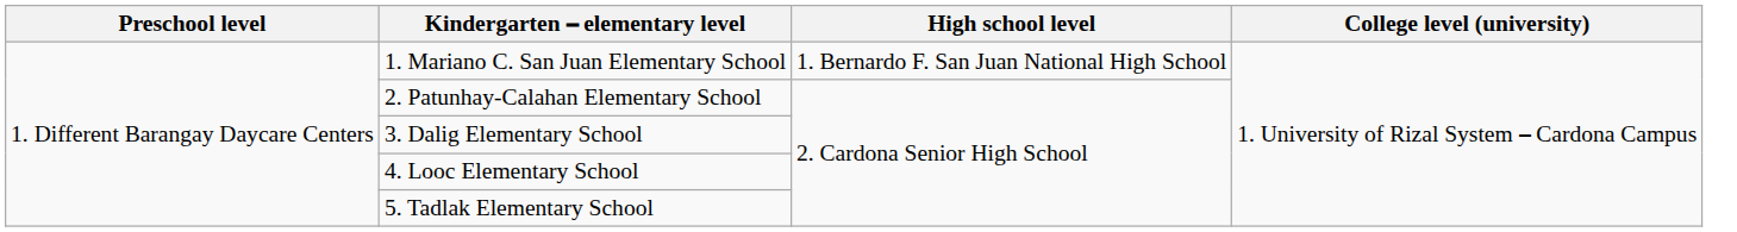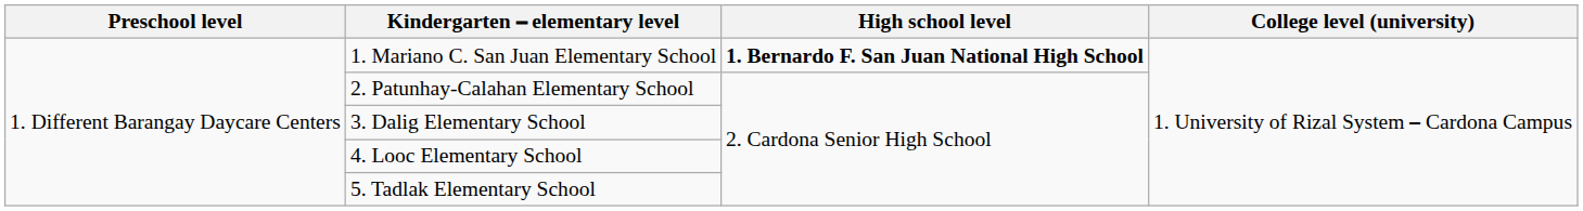 <table class="wikitable">
 <tr>
 <th>Preschool level</th>
 <th>Kindergarten ⎯ elementary level</th>
 <th>High school level</th>
 <th>College level (university)</th>
 </tr>
 <tr>
 <td rowspan="5">1. Different Barangay Daycare Centers</td>
 <td>1. Mariano C. San Juan Elementary School</td>
-<td>1. Bernardo F. San Juan National High School</td>
+<td><strong>1. Bernardo F. San Juan National High School</strong></td>
 <td rowspan="5">1. University of Rizal System ⎯ Cardona Campus</td>
 </tr>
 <tr>
 <td>2. Patunhay-Calahan Elementary School</td>
 <td rowspan="4">2. Cardona Senior High School</td>
 </tr>
 <tr>
 <td>3. Dalig Elementary School</td>
 </tr>
 <tr>
 <td>4. Looc Elementary School</td>
 </tr>
 <tr>
 <td>5. Tadlak Elementary School</td>
 </tr>
 </table>
